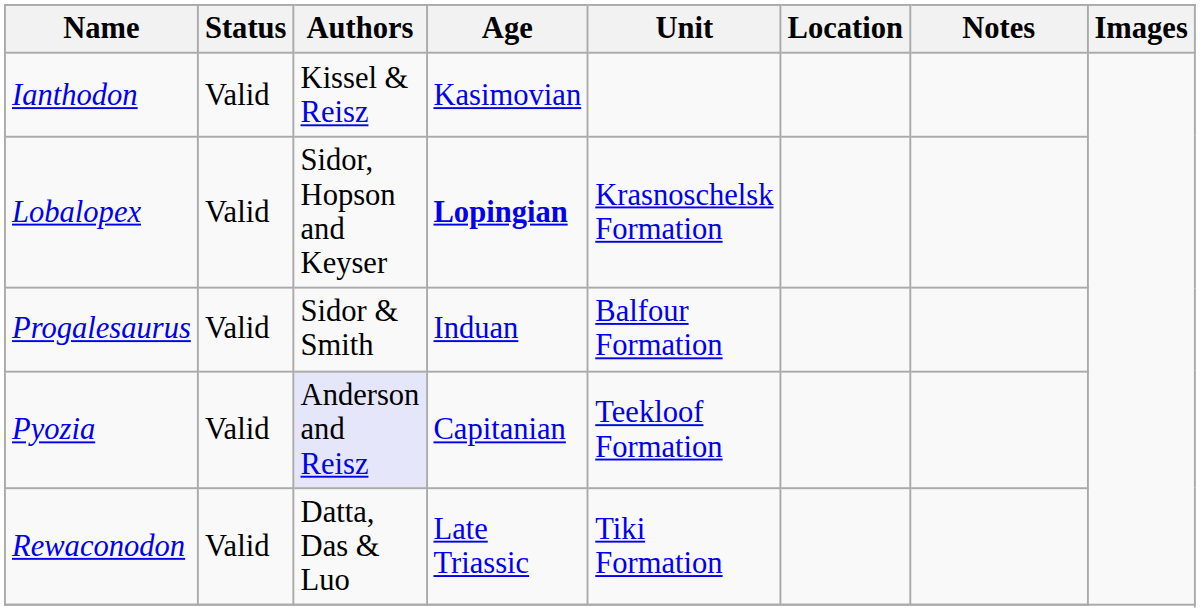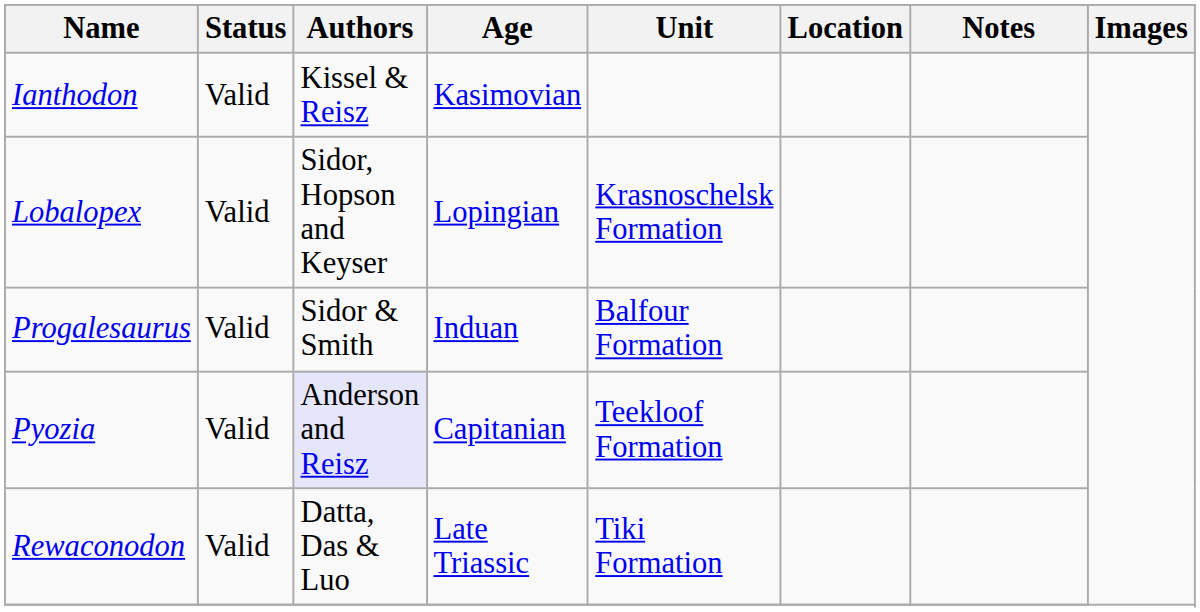 <table class="wikitable sortable" align="center" width="100%">
 <tr>
 <th>Name</th>
 <th>Status</th>
 <th>Authors</th>
 <th>Age</th>
 <th>Unit</th>
 <th>Location</th>
 <th width="33%" class="unsortable">Notes</th>
 <th class="unsortable">Images</th>
 </tr>
 <tr>
 <td><em><a href='#'>Ianthodon</a></em></td>
 <td>Valid</td>
 <td>Kissel & <a href='#'>Reisz</a></td>
 <td><a href='#'>Kasimovian</a></td>
 <td></td>
 <td></td>
 <td></td>
 <td rowspan="99"></td>
 </tr>
 <tr>
 <td><em><a href='#'>Lobalopex</a></em></td>
 <td>Valid</td>
 <td>Sidor, Hopson and Keyser</td>
-<td><strong><a href='#'>Lopingian</a></strong></td>
+<td><a href='#'>Lopingian</a></td>
 <td><a href='#'>Krasnoschelsk Formation</a></td>
 <td></td>
 <td></td>
 </tr>
 <tr>
 <td><em><a href='#'>Progalesaurus</a></em></td>
 <td>Valid</td>
 <td>Sidor & Smith</td>
 <td><a href='#'>Induan</a></td>
 <td><a href='#'>Balfour Formation</a></td>
 <td></td>
 <td></td>
 </tr>
 <tr>
 <td><em><a href='#'>Pyozia</a></em> </td>
 <td>Valid</td>
 <td style="background: lavender;">Anderson and <a href='#'>Reisz</a></td>
 <td><a href='#'>Capitanian</a></td>
 <td><a href='#'>Teekloof Formation</a></td>
 <td></td>
 <td></td>
 </tr>
 <tr>
 <td><em><a href='#'>Rewaconodon</a></em></td>
 <td>Valid</td>
 <td>Datta, Das & Luo</td>
 <td><a href='#'>Late Triassic</a></td>
 <td><a href='#'>Tiki Formation</a></td>
 <td></td>
 <td></td>
 </tr>
 <tr>
 </tr>
 </table>
